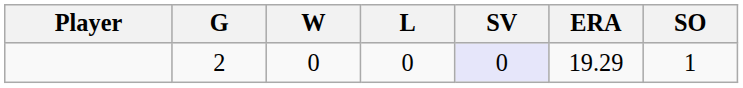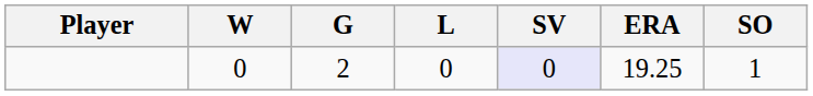 <table class="wikitable sortable">
 <tr>
 <th bgcolor="#DDDDFF" width="16%">Player</th>
+<th bgcolor="#DDDDFF" width="9%">W</th>
 <th bgcolor="#DDDDFF" width="9%">G</th>
-<th bgcolor="#DDDDFF" width="9%">W</th>
 <th bgcolor="#DDDDFF" width="9%">L</th>
 <th bgcolor="#DDDDFF" width="9%">SV</th>
 <th bgcolor="#DDDDFF" width="9%">ERA</th>
 <th bgcolor="#DDDDFF" width="9%">SO</th>
 </tr>
 <tr align="center">
 <td></td>
+<td>0</td>
 <td>2</td>
 <td>0</td>
-<td>0</td>
 <td style="background: lavender;">0</td>
-<td>19.29</td>
+<td>19.25</td>
 <td>1</td>
 </tr>
 </table>
